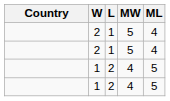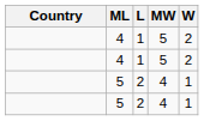 <table class="wikitable sortable" style="text-align:center">
 <tr>
 <th width=110>Country</th>
-<th>W</th>
+<th>ML</th>
 <th>L</th>
 <th>MW</th>
-<th>ML</th>
+<th>W</th>
 </tr>
 <tr>
 <td align=left><strong></strong></td>
-<td>2</td>
+<td>4</td>
 <td>1</td>
 <td>5</td>
-<td>4</td>
+<td>2</td>
 </tr>
 <tr>
 <td align=left></td>
-<td>2</td>
+<td>4</td>
 <td>1</td>
 <td>5</td>
-<td>4</td>
+<td>2</td>
 </tr>
 <tr>
 <td align=left></td>
-<td>1</td>
+<td>5</td>
 <td>2</td>
 <td>4</td>
-<td>5</td>
+<td>1</td>
 </tr>
 <tr>
 <td align=left></td>
-<td>1</td>
+<td>5</td>
 <td>2</td>
 <td>4</td>
-<td>5</td>
+<td>1</td>
 </tr>
 </table>
